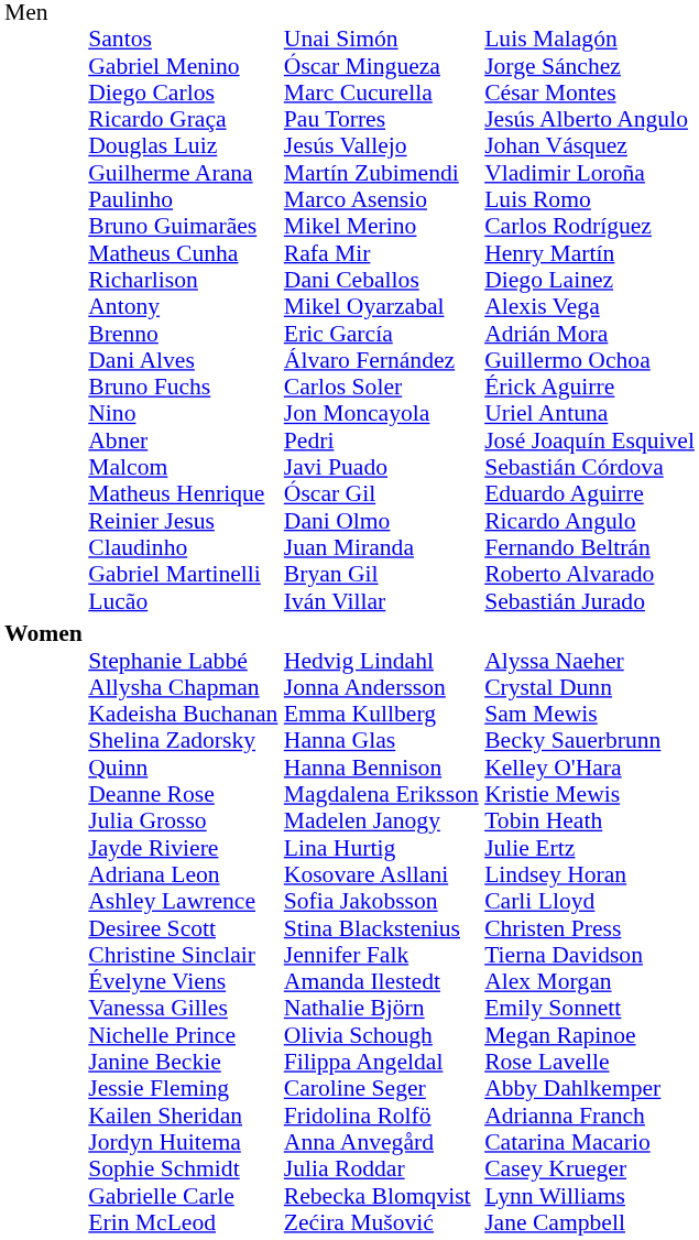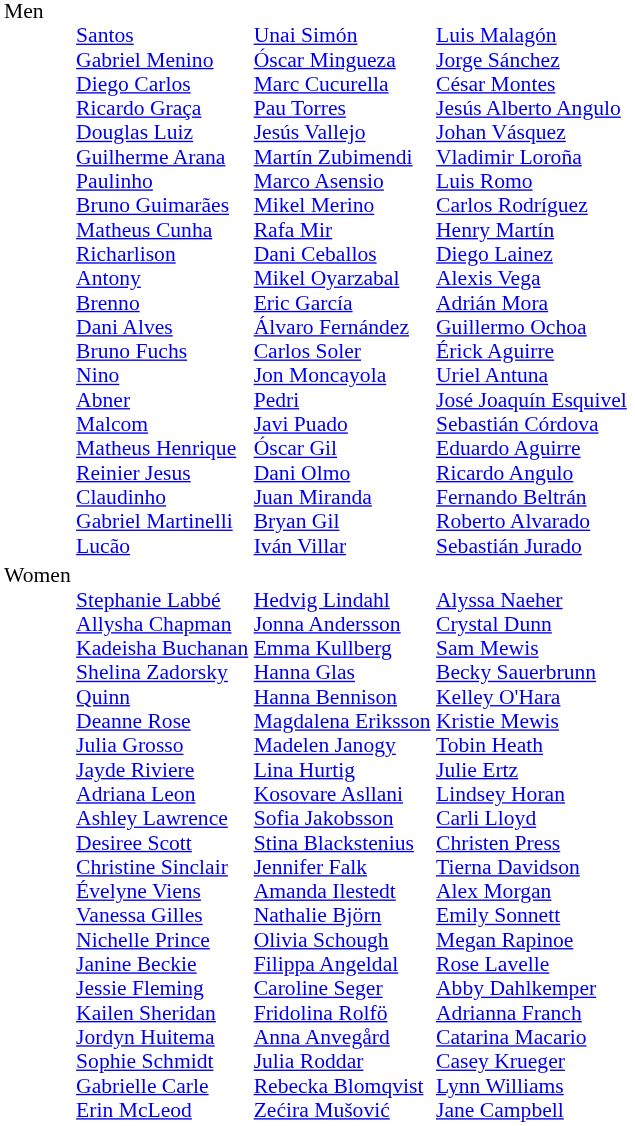 <table>
 <tr valign="top">
 <td>Men<br></td>
 <td><br><a href='#'>Santos</a><br><a href='#'>Gabriel Menino</a><br><a href='#'>Diego Carlos</a><br><a href='#'>Ricardo Graça</a><br><a href='#'>Douglas Luiz</a><br><a href='#'>Guilherme Arana</a><br><a href='#'>Paulinho</a><br><a href='#'>Bruno Guimarães</a><br><a href='#'>Matheus Cunha</a><br><a href='#'>Richarlison</a><br><a href='#'>Antony</a><br><a href='#'>Brenno</a><br><a href='#'>Dani Alves</a><br><a href='#'>Bruno Fuchs</a><br><a href='#'>Nino</a><br><a href='#'>Abner</a><br><a href='#'>Malcom</a><br><a href='#'>Matheus Henrique</a><br><a href='#'>Reinier Jesus</a><br><a href='#'>Claudinho</a><br><a href='#'>Gabriel Martinelli</a><br><a href='#'>Lucão</a></td>
 <td><br><a href='#'>Unai Simón</a><br><a href='#'>Óscar Mingueza</a><br><a href='#'>Marc Cucurella</a><br><a href='#'>Pau Torres</a><br><a href='#'>Jesús Vallejo</a><br><a href='#'>Martín Zubimendi</a><br><a href='#'>Marco Asensio</a><br><a href='#'>Mikel Merino</a><br><a href='#'>Rafa Mir</a><br><a href='#'>Dani Ceballos</a><br><a href='#'>Mikel Oyarzabal</a><br><a href='#'>Eric García</a><br><a href='#'>Álvaro Fernández</a><br><a href='#'>Carlos Soler</a><br><a href='#'>Jon Moncayola</a><br><a href='#'>Pedri</a><br><a href='#'>Javi Puado</a><br><a href='#'>Óscar Gil</a><br><a href='#'>Dani Olmo</a><br><a href='#'>Juan Miranda</a><br><a href='#'>Bryan Gil</a><br><a href='#'>Iván Villar</a></td>
 <td valign=top><br><a href='#'>Luis Malagón</a><br><a href='#'>Jorge Sánchez</a><br><a href='#'>César Montes</a><br><a href='#'>Jesús Alberto Angulo</a><br><a href='#'>Johan Vásquez</a><br><a href='#'>Vladimir Loroña</a><br><a href='#'>Luis Romo</a><br><a href='#'>Carlos Rodríguez</a><br><a href='#'>Henry Martín</a><br><a href='#'>Diego Lainez</a><br><a href='#'>Alexis Vega</a><br><a href='#'>Adrián Mora</a><br><a href='#'>Guillermo Ochoa</a><br><a href='#'>Érick Aguirre</a><br><a href='#'>Uriel Antuna</a><br><a href='#'>José Joaquín Esquivel</a><br><a href='#'>Sebastián Córdova</a><br><a href='#'>Eduardo Aguirre</a><br><a href='#'>Ricardo Angulo</a><br><a href='#'>Fernando Beltrán</a><br><a href='#'>Roberto Alvarado</a><br><a href='#'>Sebastián Jurado</a></td>
 </tr>
 <tr valign="top">
-<td><strong>Women<br></strong></td>
+<td>Women<br></td>
 <td><br><a href='#'>Stephanie Labbé</a><br><a href='#'>Allysha Chapman</a><br><a href='#'>Kadeisha Buchanan</a><br><a href='#'>Shelina Zadorsky</a><br><a href='#'>Quinn</a><br><a href='#'>Deanne Rose</a><br><a href='#'>Julia Grosso</a><br><a href='#'>Jayde Riviere</a><br><a href='#'>Adriana Leon</a><br><a href='#'>Ashley Lawrence</a><br><a href='#'>Desiree Scott</a><br><a href='#'>Christine Sinclair</a><br><a href='#'>Évelyne Viens</a><br><a href='#'>Vanessa Gilles</a><br><a href='#'>Nichelle Prince</a><br><a href='#'>Janine Beckie</a><br><a href='#'>Jessie Fleming</a><br><a href='#'>Kailen Sheridan</a><br><a href='#'>Jordyn Huitema</a><br><a href='#'>Sophie Schmidt</a><br><a href='#'>Gabrielle Carle</a><br><a href='#'>Erin McLeod</a></td>
 <td><br><a href='#'>Hedvig Lindahl</a><br><a href='#'>Jonna Andersson</a><br><a href='#'>Emma Kullberg</a><br><a href='#'>Hanna Glas</a><br><a href='#'>Hanna Bennison</a><br><a href='#'>Magdalena Eriksson</a><br><a href='#'>Madelen Janogy</a><br><a href='#'>Lina Hurtig</a><br><a href='#'>Kosovare Asllani</a><br><a href='#'>Sofia Jakobsson</a><br><a href='#'>Stina Blackstenius</a><br><a href='#'>Jennifer Falk</a><br><a href='#'>Amanda Ilestedt</a><br><a href='#'>Nathalie Björn</a><br><a href='#'>Olivia Schough</a><br><a href='#'>Filippa Angeldal</a><br><a href='#'>Caroline Seger</a><br><a href='#'>Fridolina Rolfö</a><br><a href='#'>Anna Anvegård</a><br><a href='#'>Julia Roddar</a><br><a href='#'>Rebecka Blomqvist</a><br><a href='#'>Zećira Mušović</a></td>
 <td valign=top><br><a href='#'>Alyssa Naeher</a><br><a href='#'>Crystal Dunn</a><br><a href='#'>Sam Mewis</a><br><a href='#'>Becky Sauerbrunn</a><br><a href='#'>Kelley O'Hara</a><br><a href='#'>Kristie Mewis</a><br><a href='#'>Tobin Heath</a><br><a href='#'>Julie Ertz</a><br><a href='#'>Lindsey Horan</a><br><a href='#'>Carli Lloyd</a><br><a href='#'>Christen Press</a><br><a href='#'>Tierna Davidson</a><br><a href='#'>Alex Morgan</a><br><a href='#'>Emily Sonnett</a><br><a href='#'>Megan Rapinoe</a><br><a href='#'>Rose Lavelle</a><br><a href='#'>Abby Dahlkemper</a><br><a href='#'>Adrianna Franch</a><br><a href='#'>Catarina Macario</a><br><a href='#'>Casey Krueger</a><br><a href='#'>Lynn Williams</a><br><a href='#'>Jane Campbell</a></td>
 </tr>
 <tr>
 </tr>
 </table>
